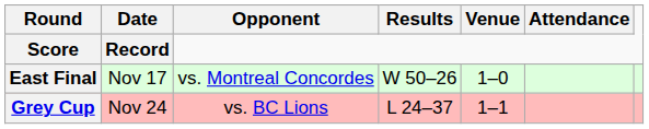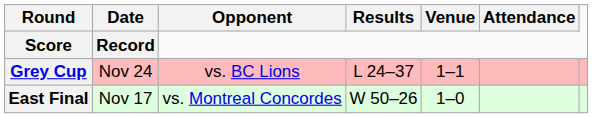 <table class="wikitable" style="text-align:center">
 <tr>
 <th>Round</th>
 <th>Date</th>
 <th>Opponent</th>
 <th>Results</th>
 <th>Venue</th>
 <th>Attendance</th>
 </tr>
 <tr>
 <th>Score</th>
 <th>Record</th>
 </tr>
+<tr style="background:#ffbbbb">
+<th><a href='#'>Grey Cup</a></th>
+<td>Nov 24</td>
+<td>vs. <a href='#'>BC Lions</a></td>
+<td>L 24–37</td>
+<td>1–1</td>
+<td></td>
+<td></td>
+</tr>
 <tr style="background:#ddffdd">
 <th>East Final</th>
 <td>Nov 17</td>
 <td>vs. <a href='#'>Montreal Concordes</a></td>
 <td>W 50–26</td>
 <td>1–0</td>
 <td></td>
 <td></td>
 </tr>
-<tr style="background:#ffbbbb">
-<th><a href='#'>Grey Cup</a></th>
-<td>Nov 24</td>
-<td>vs. <a href='#'>BC Lions</a></td>
-<td>L 24–37</td>
-<td>1–1</td>
-<td></td>
-<td></td>
-</tr>
 </table>
